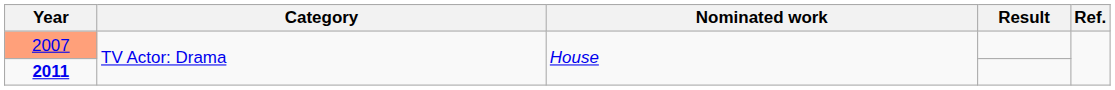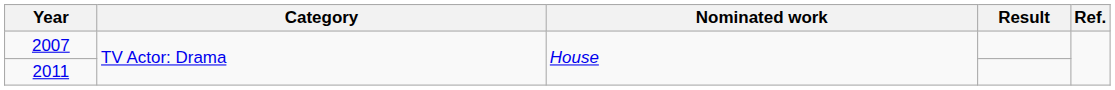 <table class=wikitable>
 <tr>
 <th scope="col" style="width:5em;">Year</th>
 <th scope="col" style="width:26em;">Category</th>
 <th scope="col" style="width:25em;">Nominated work</th>
 <th scope="col" style="width:5em;">Result</th>
 <th>Ref.</th>
 </tr>
 <tr>
-<td style="background: lightsalmon; text-align:center;"><a href='#'>2007</a></td>
+<td style="text-align:center;"><a href='#'>2007</a></td>
 <td rowspan="2"><a href='#'>TV Actor: Drama</a></td>
 <td rowspan="2"><em><a href='#'>House</a></em></td>
 <td></td>
 <td rowspan="2"></td>
 </tr>
 <tr>
-<td style="text-align:center;"><strong><a href='#'>2011</a></strong></td>
+<td style="text-align:center;"><a href='#'>2011</a></td>
 <td></td>
 </tr>
 </table>
